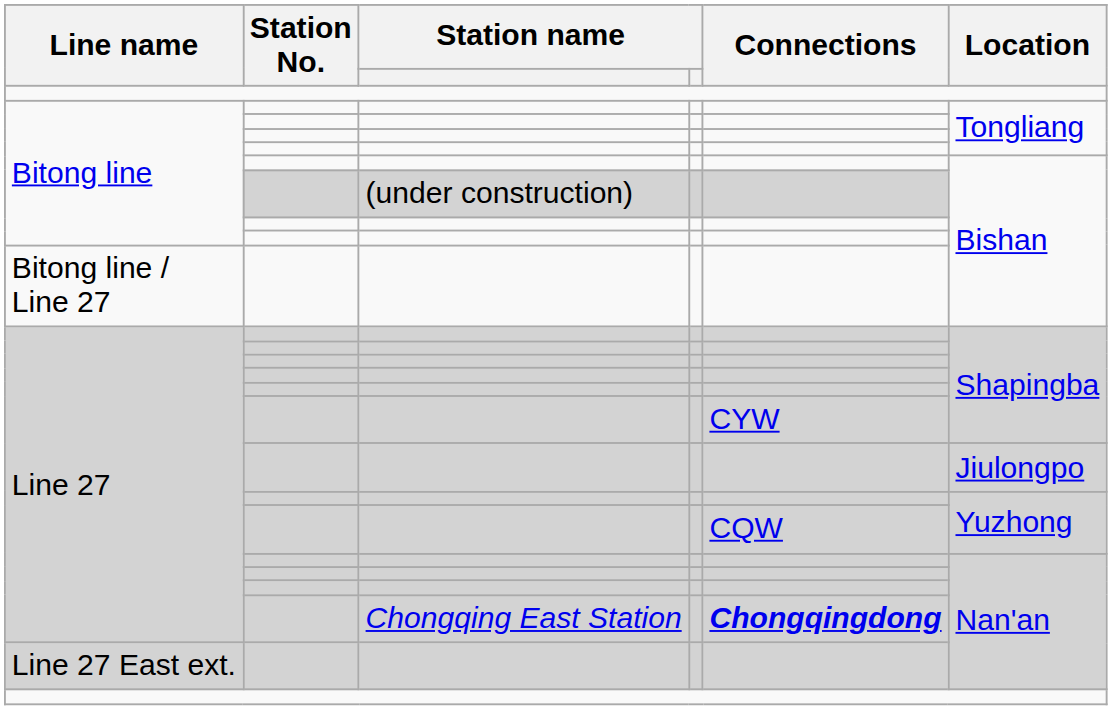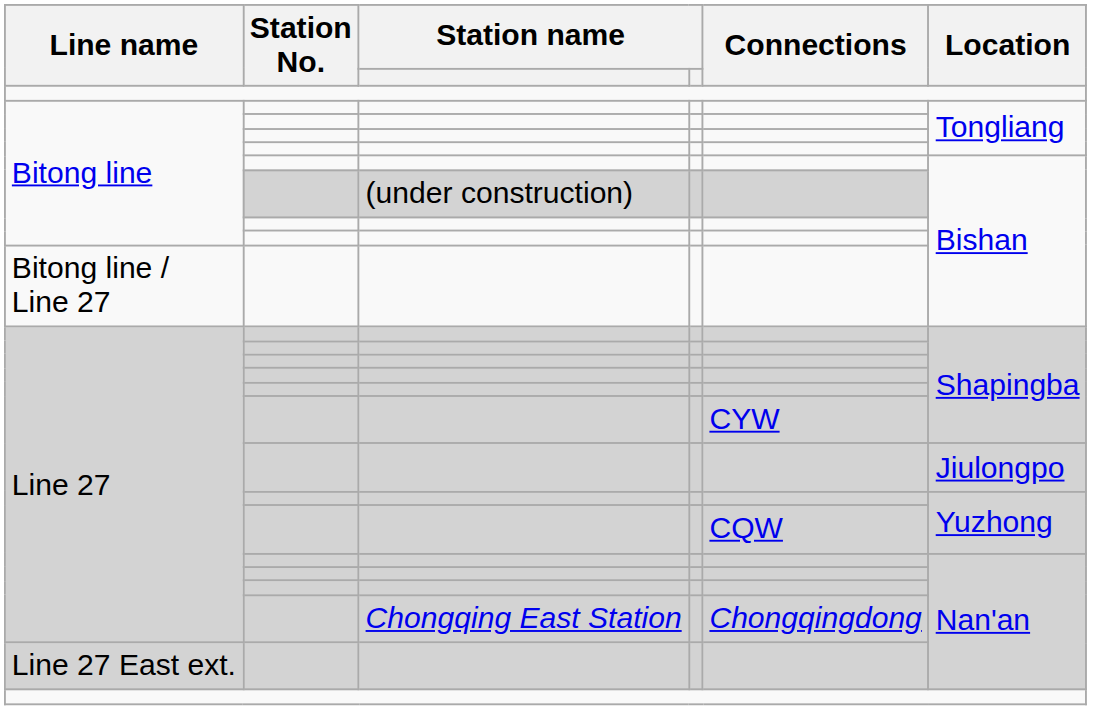 <table class="wikitable">
 <tr>
 <th rowspan="2">Line name</th>
 <th rowspan="2">Station<br>No.</th>
 <th colspan="2">Station name</th>
 <th rowspan="2">Connections<br></th>
 <th rowspan="2">Location</th>
 </tr>
 <tr>
 <th></th>
 <th></th>
 </tr>
 <tr style="background:#">
 <td colspan = "6"></td>
 </tr>
 <tr>
 <td rowspan="8"><a href='#'>Bitong line</a></td>
 <td></td>
 <td><em></em></td>
 <td></td>
 <td></td>
 <td rowspan="4"><a href='#'>Tongliang</a></td>
 </tr>
 <tr>
 <td></td>
 <td><em></em></td>
 <td></td>
 <td></td>
 </tr>
 <tr>
 <td></td>
 <td><em></em></td>
 <td></td>
 <td></td>
 </tr>
 <tr>
 <td></td>
 <td><em></em></td>
 <td></td>
 <td></td>
 </tr>
 <tr>
 <td></td>
 <td><em></em></td>
 <td></td>
 <td></td>
 <td rowspan="5"><a href='#'>Bishan</a></td>
 </tr>
 <tr bgcolor="lightgrey">
 <td></td>
 <td><em></em> (under construction)</td>
 <td></td>
 <td></td>
 </tr>
 <tr>
 <td></td>
 <td><em></em></td>
 <td></td>
 <td></td>
 </tr>
 <tr>
 <td></td>
 <td><em></em></td>
 <td></td>
 <td></td>
 </tr>
 <tr>
 <td>Bitong line /<br>Line 27</td>
 <td></td>
 <td><em></em></td>
 <td></td>
 <td><br></td>
 </tr>
 <tr bgcolor="lightgrey">
 <td rowspan="13">Line 27</td>
 <td></td>
 <td><em></em></td>
 <td></td>
 <td> </td>
 <td rowspan="6"><a href='#'>Shapingba</a></td>
 </tr>
 <tr bgcolor="lightgrey">
 <td></td>
 <td><em></em></td>
 <td></td>
 <td> </td>
 </tr>
 <tr bgcolor="lightgrey">
 <td></td>
 <td><em></em></td>
 <td></td>
 <td></td>
 </tr>
 <tr bgcolor="lightgrey">
 <td></td>
 <td><em></em></td>
 <td></td>
 <td> </td>
 </tr>
 <tr bgcolor="lightgrey">
 <td></td>
 <td><em></em></td>
 <td></td>
 <td></td>
 </tr>
 <tr bgcolor="lightgrey">
 <td></td>
 <td><em></em></td>
 <td></td>
 <td>    <a href='#'>CYW</a></td>
 </tr>
 <tr bgcolor="lightgrey">
 <td></td>
 <td><em></em></td>
 <td></td>
 <td> </td>
 <td><a href='#'>Jiulongpo</a></td>
 </tr>
 <tr bgcolor="lightgrey">
 <td></td>
 <td><em></em></td>
 <td></td>
 <td></td>
 <td rowspan="2"><a href='#'>Yuzhong</a></td>
 </tr>
 <tr bgcolor="lightgrey">
 <td></td>
 <td><em></em></td>
 <td></td>
 <td>   <a href='#'>CQW</a></td>
 </tr>
 <tr bgcolor="lightgrey">
 <td></td>
 <td><em></em></td>
 <td></td>
 <td></td>
 <td rowspan="5"><a href='#'>Nan'an</a></td>
 </tr>
 <tr bgcolor="lightgrey">
 <td></td>
 <td><em></em></td>
 <td></td>
 <td>  </td>
 </tr>
 <tr bgcolor="lightgrey">
 <td></td>
 <td><em></em></td>
 <td></td>
 <td></td>
 </tr>
 <tr bgcolor="lightgrey">
 <td></td>
 <td><em><a href='#'>Chongqing East Station</a></em></td>
 <td></td>
-<td><strong>     <em><a href='#'>Chongqingdong</a></em></strong></td>
+<td>     <em><a href='#'>Chongqingdong</a></em></td>
 </tr>
 <tr bgcolor="lightgrey">
 <td rowspan="1">Line 27 East ext.</td>
 <td></td>
 <td><em></em></td>
 <td></td>
 <td></td>
 </tr>
 <tr style="background:#">
 <td colspan = "6"></td>
 </tr>
 </table>
